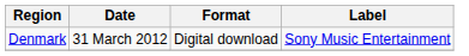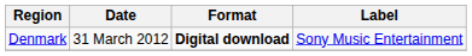 <table class=wikitable>
 <tr>
 <th>Region</th>
 <th>Date</th>
 <th>Format</th>
 <th>Label</th>
 </tr>
 <tr>
 <td><a href='#'>Denmark</a></td>
 <td>31 March 2012</td>
-<td>Digital download</td>
+<td><strong>Digital download</strong></td>
 <td><a href='#'>Sony Music Entertainment</a></td>
 </tr>
 <tr>
 </tr>
 </table>
